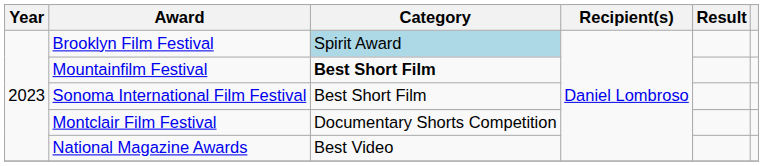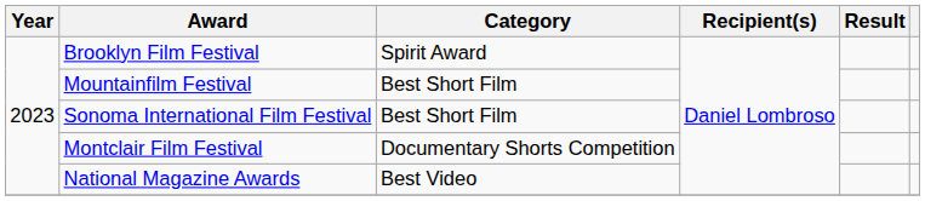 <table class="wikitable plainrowheaders sortable">
 <tr>
 <th scope="col">Year</th>
 <th scope="col">Award</th>
 <th scope="col">Category</th>
 <th scope="col">Recipient(s)</th>
 <th scope="col">Result</th>
 <th scope="col" class="unsortable"></th>
 </tr>
 <tr>
 <td rowspan="5">2023</td>
 <td><a href='#'>Brooklyn Film Festival</a></td>
-<td style="background: lightblue;">Spirit Award</td>
+<td>Spirit Award</td>
 <td rowspan="5"><a href='#'>Daniel Lombroso</a></td>
 <td></td>
 <td></td>
 </tr>
 <tr>
 <td><a href='#'>Mountainfilm Festival</a></td>
-<td><strong>Best Short Film</strong></td>
+<td>Best Short Film</td>
 <td></td>
 <td></td>
 </tr>
 <tr>
 <td><a href='#'>Sonoma International Film Festival</a></td>
 <td>Best Short Film</td>
 <td></td>
 <td></td>
 </tr>
 <tr>
 <td><a href='#'>Montclair Film Festival</a></td>
 <td>Documentary Shorts Competition</td>
 <td></td>
 <td></td>
 </tr>
 <tr>
 <td><a href='#'>National Magazine Awards</a></td>
 <td>Best Video</td>
 <td></td>
 <td></td>
 </tr>
 <tr>
 </tr>
 </table>
